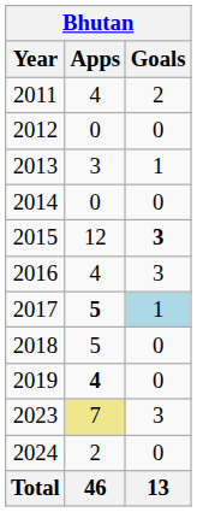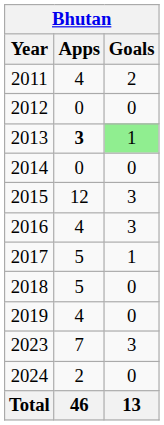 <table class="wikitable" style="text-align:center">
 <tr>
 <th colspan=3><a href='#'>Bhutan</a></th>
 </tr>
 <tr>
 <th>Year</th>
 <th>Apps</th>
 <th>Goals</th>
 </tr>
 <tr>
 <td>2011</td>
 <td>4</td>
 <td>2</td>
 </tr>
 <tr>
 <td>2012</td>
 <td>0</td>
 <td>0</td>
 </tr>
 <tr>
 <td>2013</td>
-<td>3</td>
-<td>1</td>
+<td><strong>3</strong></td>
+<td style="background: lightgreen;">1</td>
 </tr>
 <tr>
 <td>2014</td>
 <td>0</td>
 <td>0</td>
 </tr>
 <tr>
 <td>2015</td>
 <td>12</td>
-<td><strong>3</strong></td>
+<td>3</td>
 </tr>
 <tr>
 <td>2016</td>
 <td>4</td>
 <td>3</td>
 </tr>
 <tr>
 <td>2017</td>
-<td><strong>5</strong></td>
-<td style="background: lightblue;">1</td>
+<td>5</td>
+<td>1</td>
 </tr>
 <tr>
 <td>2018</td>
 <td>5</td>
 <td>0</td>
 </tr>
 <tr>
 <td>2019</td>
-<td><strong>4</strong></td>
+<td>4</td>
 <td>0</td>
 </tr>
 <tr>
 <td>2023</td>
-<td style="background: khaki;">7</td>
+<td>7</td>
 <td>3</td>
 </tr>
 <tr>
 <td>2024</td>
 <td>2</td>
 <td>0</td>
 </tr>
 <tr>
 <th>Total</th>
 <th>46</th>
 <th>13</th>
 </tr>
 </table>
